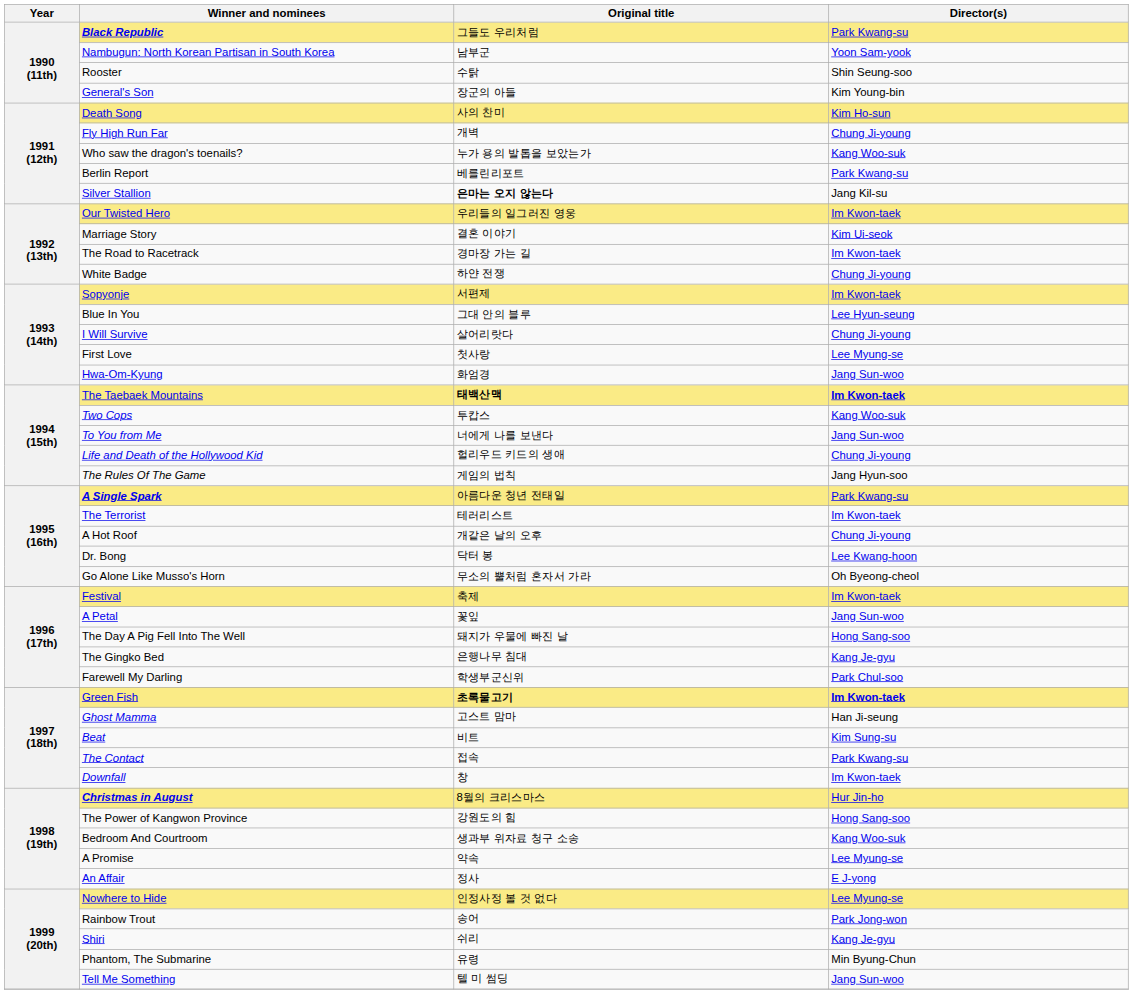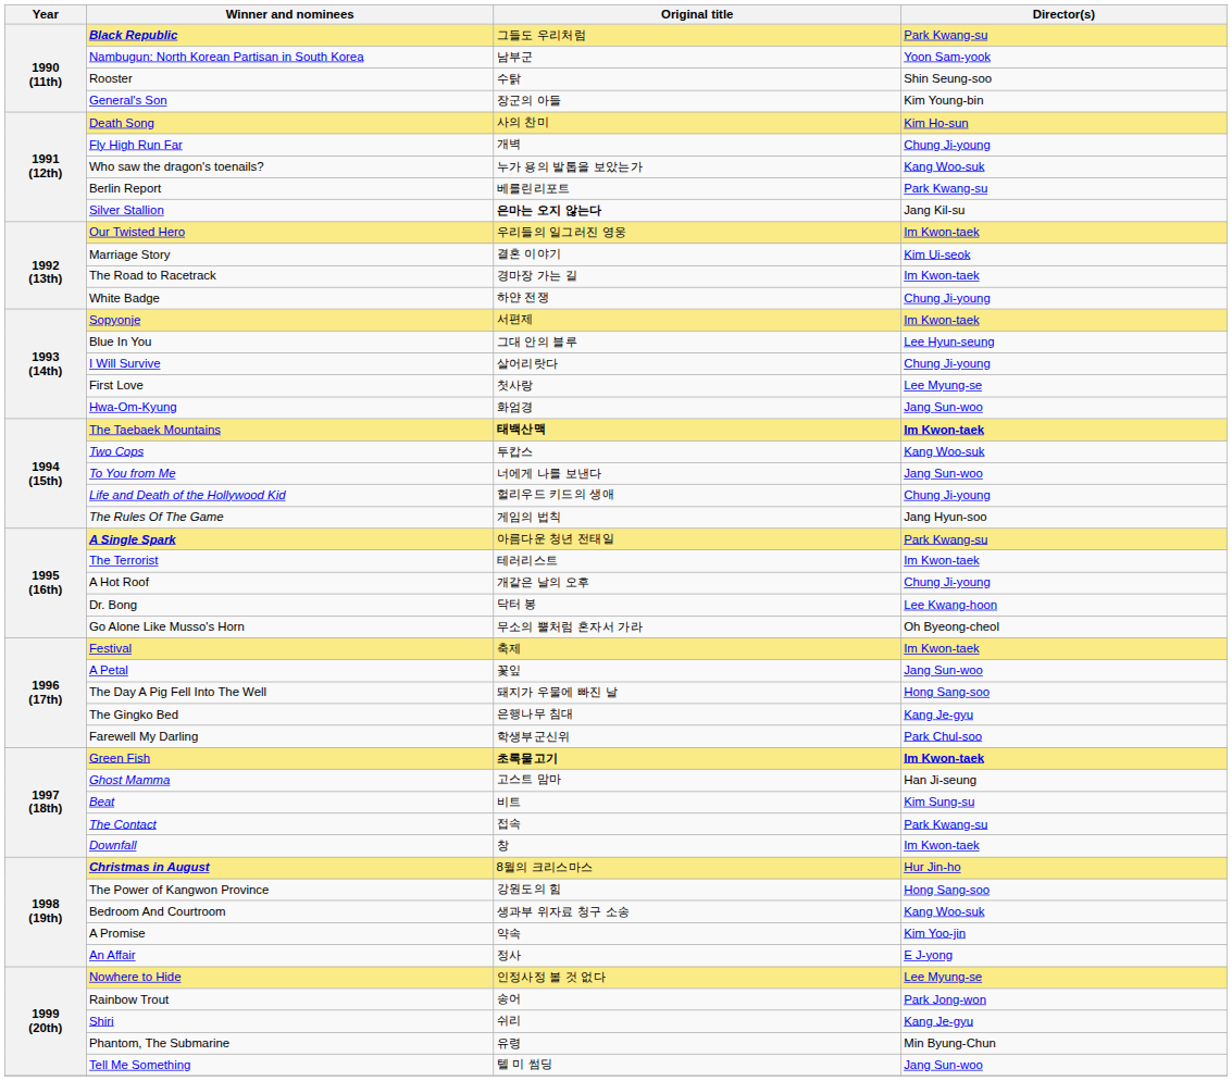 <table class="wikitable" style="width:100%;" cellpadding="6">
 <tr>
 <th style="width:5%;">Year</th>
 <th style="width:25%;">Winner and nominees</th>
 <th style="width:25%;">Original title</th>
 <th style="width:20%;">Director(s)</th>
 </tr>
 <tr>
 <th rowspan="4"><div><br>1990<br>(11th) </div></th>
 <td style="background:#FAEB86;"><strong><em><a href='#'>Black Republic</a><strong> <em></td>
 <td style="background:#FAEB86;"></strong>그들도 우리처럼<strong></td>
 <td style="background:#FAEB86;"></strong><a href='#'>Park Kwang-su</a><strong></td>
 </tr>
 <tr>
 <td><a href='#'></em></strong>Nambugun: North Korean Partisan in South Korea<strong><em></a></td>
 <td>남부군</td>
 <td><a href='#'>Yoon Sam-yook</a></td>
 </tr>
 <tr>
 <td></em>Rooster<em></td>
 <td>수탉</td>
 <td>Shin Seung-soo</td>
 </tr>
 <tr>
 <td></em><a href='#'>General's Son</a><em></td>
 <td>장군의 아들</td>
 <td>Kim Young-bin</td>
 </tr>
 <tr>
 <th rowspan="5">1991<br>(12th)</th>
 <td style="background:#FAEB86;"></em><a href='#'></strong>Death Song<strong></a> <em></td>
 <td style="background:#FAEB86;"></strong>사의 찬미<strong></td>
 <td style="background:#FAEB86;"><a href='#'></strong>Kim Ho-sun<strong></a></td>
 </tr>
 <tr>
 <td></em><a href='#'>Fly High Run Far</a><em></td>
 <td>개벽</td>
 <td><a href='#'>Chung Ji-young</a></td>
 </tr>
 <tr>
 <td></em>Who saw the dragon's toenails?<em></td>
 <td>누가 용의 발톱을 보았는가</td>
 <td><a href='#'>Kang Woo-suk</a></td>
 </tr>
 <tr>
 <td></em>Berlin Report<em></td>
 <td>베를린리포트</td>
 <td><a href='#'>Park Kwang-su</a></td>
 </tr>
 <tr>
 <td></em><a href='#'>Silver Stallion</a><em></td>
 <td><strong>은마는 오지 않는다</strong></td>
 <td>Jang Kil-su</td>
 </tr>
 <tr>
 <th rowspan="4"><div><br>1992<br>(13th) </div></th>
 <td style="background:#FAEB86;"></em><a href='#'></strong>Our Twisted Hero<strong></a> <em></td>
 <td style="background:#FAEB86;"></strong>우리들의 일그러진 영웅<strong></td>
 <td style="background:#FAEB86;"></strong><a href='#'>Im Kwon-taek</a><strong></td>
 </tr>
 <tr>
 <td></em>Marriage Story<em></td>
 <td>결혼 이야기</td>
 <td><a href='#'>Kim Ui-seok</a></td>
 </tr>
 <tr>
 <td></em>The Road to Racetrack<em></td>
 <td>경마장 가는 길</td>
 <td><a href='#'>Im Kwon-taek</a></td>
 </tr>
 <tr>
 <td></em>White Badge<em></td>
 <td>하얀 전쟁</td>
 <td><a href='#'>Chung Ji-young</a></td>
 </tr>
 <tr>
 <th rowspan="5">1993<br>(14th)</th>
 <td style="background:#FAEB86;"></em></strong><a href='#'>Sopyonje</a> <strong><em></td>
 <td style="background:#FAEB86;"></strong>서편제<strong></td>
 <td style="background:#FAEB86;"></strong><a href='#'>Im Kwon-taek</a><strong></td>
 </tr>
 <tr>
 <td></em>Blue In You<em></td>
 <td>그대 안의 블루</td>
 <td><a href='#'>Lee Hyun-seung</a></td>
 </tr>
 <tr>
 <td></em><a href='#'>I Will Survive</a><em></td>
 <td>살어리랏다</td>
 <td><a href='#'>Chung Ji-young</a></td>
 </tr>
 <tr>
 <td></em>First Love<em></td>
 <td>첫사랑</td>
 <td><a href='#'>Lee Myung-se</a></td>
 </tr>
 <tr>
 <td></em><a href='#'>Hwa-Om-Kyung</a><em></td>
 <td>화엄경</td>
 <td><a href='#'>Jang Sun-woo</a></td>
 </tr>
 <tr>
 <th rowspan="5"><div>1994<br>(15th) </div></th>
 <td style="background:#FAEB86;"></em></strong><a href='#'>The Taebaek Mountains</a></strong> </em></td>
 <td style="background:#FAEB86;"><strong>태백산맥</strong></td>
 <td style="background:#FAEB86;"><strong><a href='#'>Im Kwon-taek</a></strong></td>
 </tr>
 <tr>
 <td><em><a href='#'>Two Cops</a></em></td>
 <td>투캅스</td>
 <td><a href='#'>Kang Woo-suk</a></td>
 </tr>
 <tr>
 <td><em><a href='#'>To You from Me</a></em></td>
 <td>너에게 나를 보낸다</td>
 <td><a href='#'>Jang Sun-woo</a></td>
 </tr>
 <tr>
 <td><em><a href='#'>Life and Death of the Hollywood Kid</a></em></td>
 <td>헐리우드 키드의 생애</td>
 <td><a href='#'>Chung Ji-young</a></td>
 </tr>
 <tr>
 <td><em>The Rules Of The Game</em></td>
 <td>게임의 법칙</td>
 <td>Jang Hyun-soo</td>
 </tr>
 <tr>
 <th rowspan="5"><div>1995<br>(16th) </div></th>
 <td style="background:#FAEB86;"><strong><em><a href='#'>A Single Spark</a><strong> <em></td>
 <td style="background:#FAEB86;"></strong>아름다운 청년 전태일<strong></td>
 <td style="background:#FAEB86;"></strong><a href='#'>Park Kwang-su</a><strong></td>
 </tr>
 <tr>
 <td><a href='#'></em>The Terrorist<em></a></td>
 <td>테러리스트</td>
 <td><a href='#'>Im Kwon-taek</a></td>
 </tr>
 <tr>
 <td></em>A Hot Roof<em></td>
 <td>개같은 날의 오후</td>
 <td><a href='#'>Chung Ji-young</a></td>
 </tr>
 <tr>
 <td></em>Dr. Bong<em></td>
 <td>닥터 봉</td>
 <td><a href='#'>Lee Kwang-hoon</a></td>
 </tr>
 <tr>
 <td></em>Go Alone Like Musso's Horn<em></td>
 <td>무소의 뿔처럼 혼자서 가라</td>
 <td>Oh Byeong-cheol</td>
 </tr>
 <tr>
 <th rowspan="5"><div>1996<br>(17th) </div></th>
 <td style="background:#FAEB86;"></em><a href='#'></strong>Festival<strong></a> <em></td>
 <td style="background:#FAEB86;"></strong>축제<strong></td>
 <td style="background:#FAEB86;"></strong><a href='#'>Im Kwon-taek</a><strong></td>
 </tr>
 <tr>
 <td></em><a href='#'>A Petal</a><em></td>
 <td>꽃잎</td>
 <td><a href='#'>Jang Sun-woo</a></td>
 </tr>
 <tr>
 <td></em>The Day A Pig Fell Into The Well<em></td>
 <td>돼지가 우물에 빠진 날</td>
 <td><a href='#'>Hong Sang-soo</a></td>
 </tr>
 <tr>
 <td></em>The Gingko Bed<em></td>
 <td>은행나무 침대</td>
 <td><a href='#'>Kang Je-gyu</a></td>
 </tr>
 <tr>
 <td></em>Farewell My Darling<em></td>
 <td>학생부군신위</td>
 <td><a href='#'>Park Chul-soo</a></td>
 </tr>
 <tr>
 <th rowspan="5"><div>1997<br>(18th) </div></th>
 <td style="background:#FAEB86;"></em></strong><a href='#'>Green Fish</a></strong> </em></td>
 <td style="background:#FAEB86;"><strong>초록물고기</strong></td>
 <td style="background:#FAEB86;"><strong><a href='#'>Im Kwon-taek</a></strong></td>
 </tr>
 <tr>
 <td><em><a href='#'>Ghost Mamma</a></em></td>
 <td>고스트 맘마</td>
 <td>Han Ji-seung</td>
 </tr>
 <tr>
 <td><em><a href='#'>Beat</a></em></td>
 <td>비트</td>
 <td><a href='#'>Kim Sung-su</a></td>
 </tr>
 <tr>
 <td><a href='#'><em>The Contact</em></a></td>
 <td>접속</td>
 <td><a href='#'>Park Kwang-su</a></td>
 </tr>
 <tr>
 <td><a href='#'><em>Downfall</em></a></td>
 <td>창</td>
 <td><a href='#'>Im Kwon-taek</a></td>
 </tr>
 <tr>
 <th rowspan="5"><div>1998<br>(19th) </div></th>
 <td style="background:#FAEB86;"><strong><em><a href='#'>Christmas in August</a><strong> <em></td>
 <td style="background:#FAEB86;"></strong>8월의 크리스마스<strong></td>
 <td style="background:#FAEB86;"></strong><a href='#'>Hur Jin-ho</a><strong></td>
 </tr>
 <tr>
 <td></em>The Power of Kangwon Province<em></td>
 <td>강원도의 힘</td>
 <td><a href='#'>Hong Sang-soo</a></td>
 </tr>
 <tr>
 <td></em>Bedroom And Courtroom<em></td>
 <td>생과부 위자료 청구 소송</td>
 <td><a href='#'>Kang Woo-suk</a></td>
 </tr>
 <tr>
 <td></em>A Promise<em></td>
 <td>약속</td>
-<td><a href='#'>Lee Myung-se</a></td>
+<td><a href='#'>Kim Yoo-jin</a></td>
 </tr>
 <tr>
 <td></em><a href='#'>An Affair</a><em></td>
 <td>정사</td>
 <td><a href='#'>E J-yong</a></td>
 </tr>
 <tr>
 <th rowspan="5"><div>1999<br>(20th) </div></th>
 <td style="background:#FAEB86;"></em><a href='#'></strong>Nowhere to Hide<strong></a> <em></td>
 <td style="background:#FAEB86;"></strong>인정사정 볼 것 없다<strong></td>
 <td style="background:#FAEB86;"></strong><a href='#'>Lee Myung-se</a><strong></td>
 </tr>
 <tr>
 <td></em>Rainbow Trout<em></td>
 <td>송어</td>
 <td><a href='#'>Park Jong-won</a></td>
 </tr>
 <tr>
 <td><a href='#'></em>Shiri<em></a></td>
 <td>쉬리</td>
 <td><a href='#'>Kang Je-gyu</a></td>
 </tr>
 <tr>
 <td></em>Phantom, The Submarine<em></td>
 <td>유령</td>
 <td>Min Byung-Chun</td>
 </tr>
 <tr>
 <td></em><a href='#'>Tell Me Something</a><em></td>
 <td>텔 미 썸딩</td>
 <td><a href='#'>Jang Sun-woo</a></td>
 </tr>
 <tr>
 </tr>
 </table>
